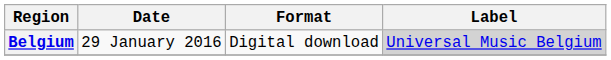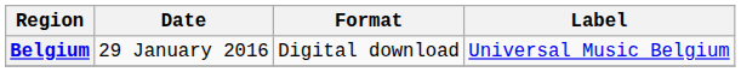 <table class="wikitable sortable plainrowheaders">
 <tr>
 <th scope="col">Region</th>
 <th scope="col">Date</th>
 <th scope="col">Format</th>
 <th scope="col">Label</th>
 </tr>
 <tr>
 <th scope="row"><a href='#'>Belgium</a></th>
 <td>29 January 2016</td>
 <td>Digital download</td>
-<td style="background: lightgrey;"><a href='#'>Universal Music Belgium</a></td>
+<td><a href='#'>Universal Music Belgium</a></td>
 </tr>
 <tr>
 </tr>
 </table>
